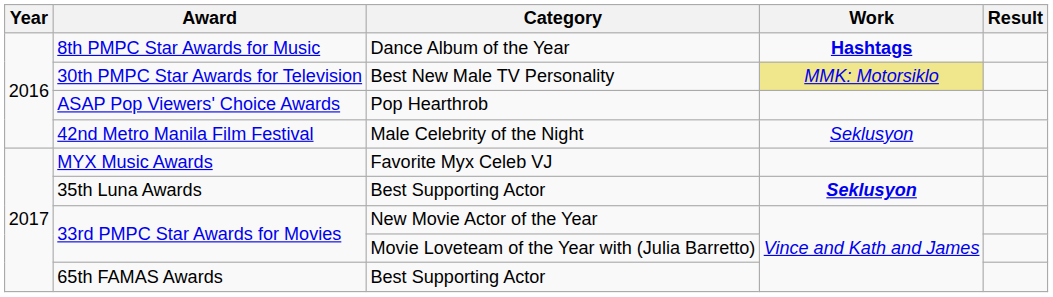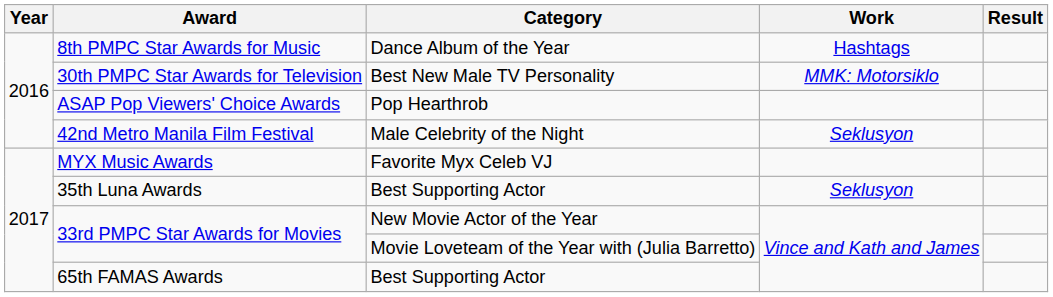 <table class="wikitable">
 <tr>
 <th>Year</th>
 <th>Award</th>
 <th>Category</th>
 <th>Work</th>
 <th>Result</th>
 </tr>
 <tr>
 <td rowspan="4">2016</td>
 <td><a href='#'>8th PMPC Star Awards for Music</a></td>
 <td>Dance Album of the Year</td>
-<td style="text-align: center;"><strong><a href='#'>Hashtags</a></strong></td>
+<td style="text-align: center;"><a href='#'>Hashtags</a></td>
 <td></td>
 </tr>
 <tr>
 <td><a href='#'>30th PMPC Star Awards for Television</a></td>
 <td>Best New Male TV Personality</td>
-<td style="background: khaki; text-align: center;"><em><a href='#'>MMK: Motorsiklo</a></em></td>
+<td style="text-align: center;"><em><a href='#'>MMK: Motorsiklo</a></em></td>
 <td></td>
 </tr>
 <tr>
 <td><a href='#'>ASAP Pop Viewers' Choice Awards</a></td>
 <td>Pop Hearthrob</td>
 <td></td>
 <td></td>
 </tr>
 <tr>
 <td><a href='#'>42nd Metro Manila Film Festival</a></td>
 <td>Male Celebrity of the Night</td>
 <td style="text-align: center;"><em><a href='#'>Seklusyon</a></em></td>
 <td></td>
 </tr>
 <tr>
 <td rowspan="5">2017</td>
 <td><a href='#'>MYX Music Awards</a></td>
 <td>Favorite Myx Celeb VJ</td>
 <td></td>
 <td></td>
 </tr>
 <tr>
 <td>35th Luna Awards</td>
 <td>Best Supporting Actor</td>
-<td style="text-align: center;"><strong><em><a href='#'>Seklusyon</a></em></strong></td>
+<td style="text-align: center;"><em><a href='#'>Seklusyon</a></em></td>
 <td></td>
 </tr>
 <tr>
 <td rowspan="2"><a href='#'>33rd PMPC Star Awards for Movies</a></td>
 <td>New Movie Actor of the Year</td>
 <td rowspan="3" style="text-align: center;"><em><a href='#'>Vince and Kath and James</a></em></td>
 <td></td>
 </tr>
 <tr>
 <td>Movie Loveteam of the Year with (Julia Barretto)</td>
 <td></td>
 </tr>
 <tr>
 <td>65th FAMAS Awards</td>
 <td>Best Supporting Actor</td>
 <td></td>
 </tr>
 </table>
